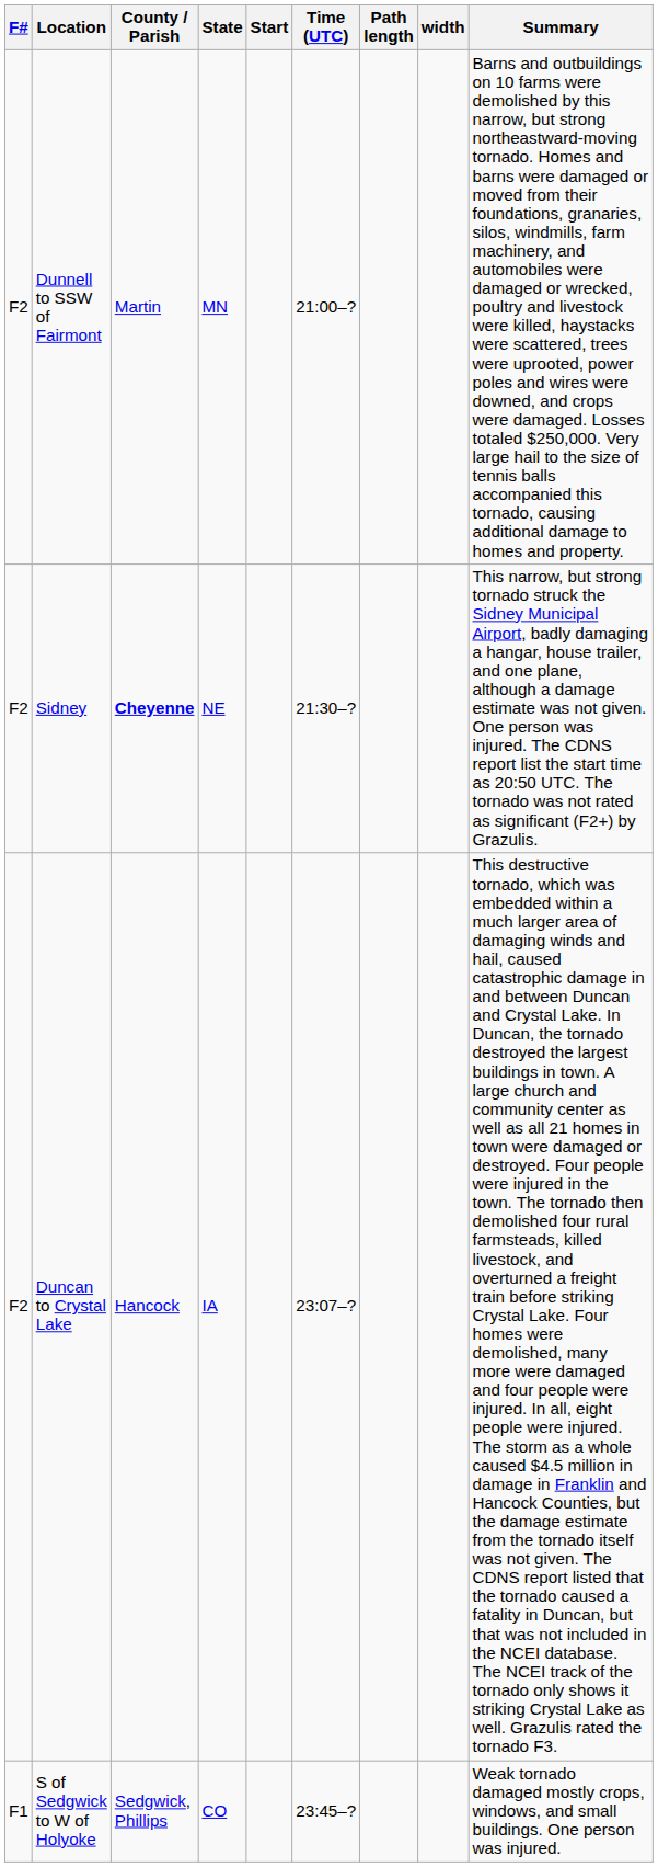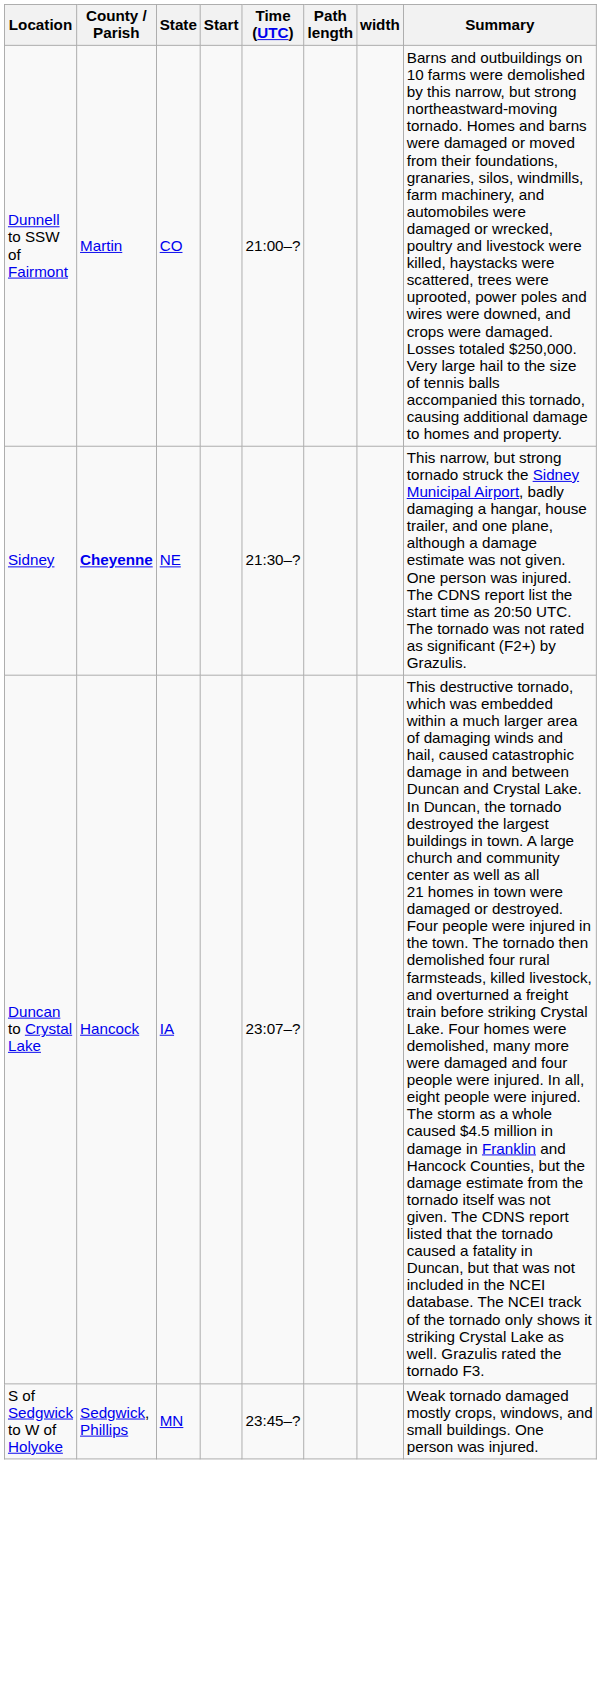 <table class="wikitable sortable" style="width:100%;">
 <tr>
-<th scope="col"  style="width:3%; text-align:center;"><a href='#'>F#</a></th>
 <th scope="col"  style="width:7%; text-align:center;" class="unsortable">Location</th>
 <th scope="col"  style="width:6%; text-align:center;" class="unsortable">County / Parish</th>
 <th scope="col"  style="width:5%; text-align:center;">State</th>
 <th scope="col"  style="width:6%; text-align:center;">Start<br></th>
 <th scope="col"  style="width:6%; text-align:center;">Time (<a href='#'>UTC</a>)</th>
 <th scope="col"  style="width:6%; text-align:center;">Path length</th>
 <th scope="col"  style="width:6%; text-align:center;"> width</th>
 <th scope="col" class="unsortable" style="width:48%; text-align:center;">Summary</th>
 </tr>
 <tr>
-<td>F2</td>
 <td><a href='#'>Dunnell</a> to SSW of <a href='#'>Fairmont</a></td>
 <td><a href='#'>Martin</a></td>
-<td><a href='#'>MN</a></td>
+<td><a href='#'>CO</a></td>
 <td></td>
 <td>21:00–?</td>
 <td></td>
 <td></td>
 <td>Barns and outbuildings on 10 farms were demolished by this narrow, but strong northeastward-moving tornado. Homes and barns were damaged or moved from their foundations, granaries, silos, windmills, farm machinery, and automobiles were damaged or wrecked, poultry and livestock were killed, haystacks were scattered, trees were uprooted, power poles and wires were downed, and crops were damaged. Losses totaled $250,000. Very large hail to the size of tennis balls accompanied this tornado, causing additional damage to homes and property.</td>
 </tr>
 <tr>
-<td>F2</td>
 <td><a href='#'>Sidney</a></td>
 <td><strong><a href='#'>Cheyenne</a></strong></td>
 <td><a href='#'>NE</a></td>
 <td></td>
 <td>21:30–?</td>
 <td></td>
 <td></td>
 <td>This narrow, but strong tornado struck the <a href='#'>Sidney Municipal Airport</a>, badly damaging a hangar, house trailer, and one plane, although a damage estimate was not given. One person was injured. The CDNS report list the start time as 20:50 UTC. The tornado was not rated as significant (F2+) by Grazulis.</td>
 </tr>
 <tr>
-<td>F2</td>
 <td><a href='#'>Duncan</a> to <a href='#'>Crystal Lake</a></td>
 <td><a href='#'>Hancock</a></td>
 <td><a href='#'>IA</a></td>
 <td></td>
 <td>23:07–?</td>
 <td></td>
 <td></td>
 <td>This destructive tornado, which was embedded within a much larger area of damaging winds and hail, caused catastrophic damage in and between Duncan and Crystal Lake. In Duncan, the tornado destroyed the largest buildings in town. A large church and community center as well as all 21 homes in town were damaged or destroyed. Four people were injured in the town. The tornado then demolished four rural farmsteads, killed livestock, and overturned a freight train before striking Crystal Lake. Four homes were demolished, many more were damaged and four people were injured. In all, eight people were injured. The storm as a whole caused $4.5 million in damage in <a href='#'>Franklin</a> and Hancock Counties, but the damage estimate from the tornado itself was not given. The CDNS report listed that the tornado caused a fatality in Duncan, but that was not included in the NCEI database. The NCEI track of the tornado only shows it striking Crystal Lake as well. Grazulis rated the tornado F3.</td>
 </tr>
 <tr>
-<td>F1</td>
 <td>S of <a href='#'>Sedgwick</a> to W of <a href='#'>Holyoke</a></td>
 <td><a href='#'>Sedgwick</a>, <a href='#'>Phillips</a></td>
-<td><a href='#'>CO</a></td>
+<td><a href='#'>MN</a></td>
 <td></td>
 <td>23:45–?</td>
 <td></td>
 <td></td>
 <td>Weak tornado damaged mostly crops, windows, and small buildings. One person was injured.</td>
 </tr>
 </table>
